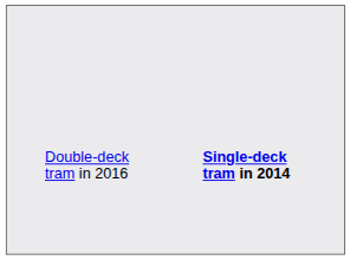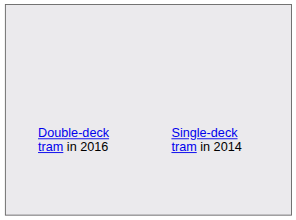 <table style="background:#EBEAED; border:1px solid dimgray; font-size: 86%;color:black" border="0" height="230" align="center" vertical-align="bottom" cellpadding=10px cellspacing=0px>
 <tr align="center">
 <td></td>
 <td></td>
 <td></td>
 <td></td>
 <td></td>
 </tr>
 <tr align="left" vertical-align="top">
 <td width="5"></td>
 <td width="100"><a href='#'>Double-deck tram</a> in 2016</td>
 <td width="5"></td>
-<td width="100"><strong><a href='#'>Single-deck tram</a> in 2014</strong></td>
+<td width="100"><a href='#'>Single-deck tram</a> in 2014</td>
 </tr>
 </table>
